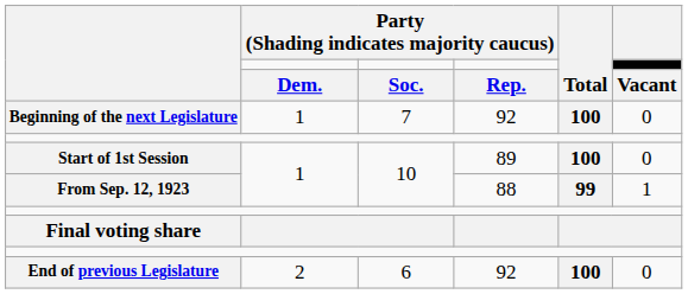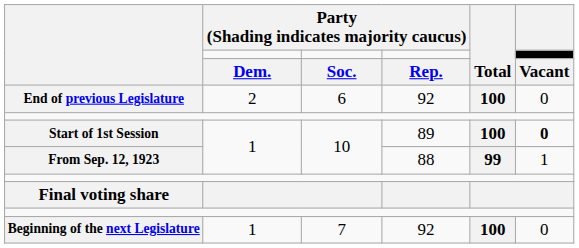 <table class=wikitable style="text-align:center">
 <tr style="vertical-align:bottom;">
 <th rowspan=3></th>
 <th colspan=3>Party <div>(Shading indicates majority caucus)</div></th>
 <th rowspan=3>Total</th>
 <th></th>
 </tr>
 <tr style="height:5px">
 <td style="background-color:"></td>
 <td style="background-color:"></td>
 <td style="background-color:"></td>
 <td style="background:black;"></td>
 </tr>
 <tr>
 <th><a href='#'>Dem.</a></th>
 <th><a href='#'>Soc.</a></th>
 <th><a href='#'>Rep.</a></th>
 <th>Vacant</th>
 </tr>
 <tr>
-<th style="font-size:80%;">Beginning of the <a href='#'>next Legislature</a></th>
-<td>1</td>
-<td>7</td>
+<th style="font-size:80%;">End of <a href='#'>previous Legislature</a></th>
+<td>2</td>
+<td>6</td>
 <td>92</td>
 <th>100</th>
 <td>0</td>
 </tr>
 <tr>
 <td colspan=6></td>
 </tr>
 <tr>
 <th style="font-size:80%;">Start of 1st Session</th>
 <td rowspan="2">1</td>
 <td rowspan="2">10</td>
 <td>89</td>
 <th>100</th>
-<td>0</td>
+<td><strong>0</strong></td>
 </tr>
 <tr>
 <th style="font-size:80%;">From Sep. 12, 1923</th>
 <td>88</td>
 <th>99</th>
 <td>1</td>
 </tr>
 <tr>
 <td colspan=6></td>
 </tr>
 <tr>
 <th>Final voting share</th>
 <th colspan=2></th>
 <th></th>
 <th colspan=2></th>
 </tr>
 <tr>
 <td colspan=6></td>
 </tr>
 <tr>
-<th style="font-size:80%;">End of <a href='#'>previous Legislature</a></th>
-<td>2</td>
-<td>6</td>
+<th style="font-size:80%;">Beginning of the <a href='#'>next Legislature</a></th>
+<td>1</td>
+<td>7</td>
 <td>92</td>
 <th>100</th>
 <td>0</td>
 </tr>
 </table>
